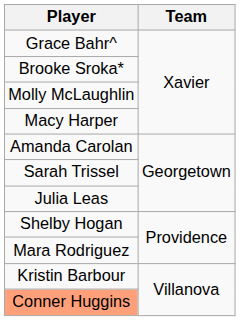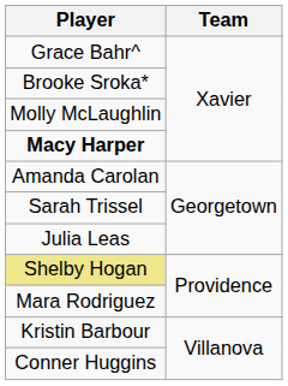 <table class="wikitable" style="text-align: center;">
 <tr>
 <th>Player</th>
 <th>Team</th>
 </tr>
 <tr>
 <td>Grace Bahr^</td>
 <td rowspan=4>Xavier</td>
 </tr>
 <tr>
 <td>Brooke Sroka*</td>
 </tr>
 <tr>
 <td>Molly McLaughlin</td>
 </tr>
 <tr>
-<td>Macy Harper</td>
+<td><strong>Macy Harper</strong></td>
 </tr>
 <tr>
 <td>Amanda Carolan</td>
 <td rowspan=3>Georgetown</td>
 </tr>
 <tr>
 <td>Sarah Trissel</td>
 </tr>
 <tr>
 <td>Julia Leas</td>
 </tr>
 <tr>
-<td>Shelby Hogan</td>
+<td style="background: khaki;">Shelby Hogan</td>
 <td rowspan=2>Providence</td>
 </tr>
 <tr>
 <td>Mara Rodriguez</td>
 </tr>
 <tr>
 <td>Kristin Barbour</td>
 <td rowspan=2>Villanova</td>
 </tr>
 <tr>
-<td style="background: lightsalmon;">Conner Huggins</td>
+<td>Conner Huggins</td>
 </tr>
 </table>
